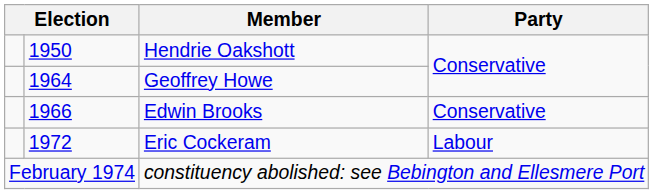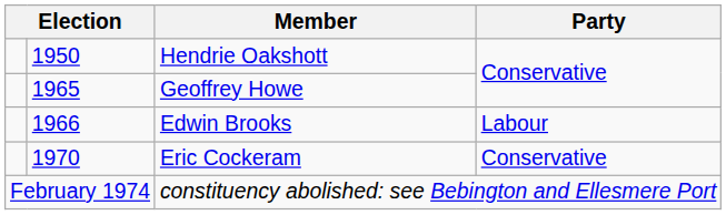 <table class="wikitable">
 <tr>
 <th colspan="2">Election</th>
 <th>Member</th>
 <th>Party</th>
 </tr>
 <tr>
 <td style="color:inherit;background-color: "></td>
 <td><a href='#'>1950</a></td>
 <td><a href='#'>Hendrie Oakshott</a></td>
 <td rowspan="2"><a href='#'>Conservative</a></td>
 </tr>
 <tr>
 <td style="color:inherit;background-color: "></td>
-<td><a href='#'>1964</a></td>
+<td><a href='#'>1965</a></td>
 <td><a href='#'>Geoffrey Howe</a></td>
 </tr>
 <tr>
 <td style="color:inherit;background-color: "></td>
 <td><a href='#'>1966</a></td>
 <td><a href='#'>Edwin Brooks</a></td>
-<td><a href='#'>Conservative</a></td>
+<td><a href='#'>Labour</a></td>
 </tr>
 <tr>
 <td style="color:inherit;background-color: "></td>
-<td><a href='#'>1972</a></td>
+<td><a href='#'>1970</a></td>
 <td><a href='#'>Eric Cockeram</a></td>
-<td><a href='#'>Labour</a></td>
+<td><a href='#'>Conservative</a></td>
 </tr>
 <tr>
 <td colspan="2" align="right"><a href='#'>February 1974</a></td>
 <td colspan="2"><em>constituency abolished: see <a href='#'>Bebington and Ellesmere Port</a></em></td>
 </tr>
 </table>
